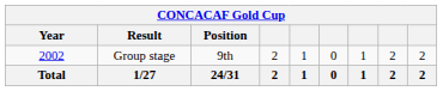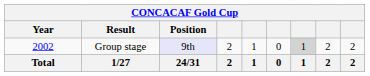 <table class="wikitable" style="text-align: center;">
 <tr>
 <th colspan=9><a href='#'>CONCACAF Gold Cup</a></th>
 </tr>
 <tr>
 <th style="width:110px;">Year</th>
 <th style="width:110px;">Result</th>
 <th style="width:80px;">Position</th>
 <th style="width:30px;"></th>
 <th style="width:30px;"></th>
 <th style="width:30px;"></th>
 <th style="width:30px;"></th>
 <th style="width:30px;"></th>
 <th style="width:30px;"></th>
 </tr>
 <tr>
 <td> <a href='#'>2002</a></td>
 <td>Group stage</td>
-<td>9th</td>
+<td style="background: lavender;">9th</td>
 <td>2</td>
 <td>1</td>
 <td>0</td>
-<td>1</td>
+<td style="background: lightgrey;">1</td>
 <td>2</td>
 <td>2</td>
 </tr>
 <tr>
 <th><strong>Total</strong></th>
 <th><strong>1/27</strong></th>
 <th><strong>24/31</strong></th>
 <th><strong>2</strong></th>
 <th><strong>1</strong></th>
 <th><strong>0</strong></th>
 <th><strong>1</strong></th>
 <th><strong>2</strong></th>
 <th><strong>2</strong></th>
 </tr>
 </table>
